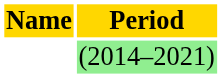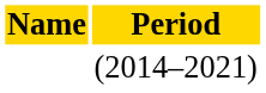 <table class="toccolours">
 <tr>
 <th bgcolor=gold>Name</th>
 <th bgcolor=gold>Period</th>
 </tr>
 <tr>
 <td> </td>
-<td style="background: lightgreen;">(2014–2021)</td>
+<td>(2014–2021)</td>
 </tr>
 </table>
